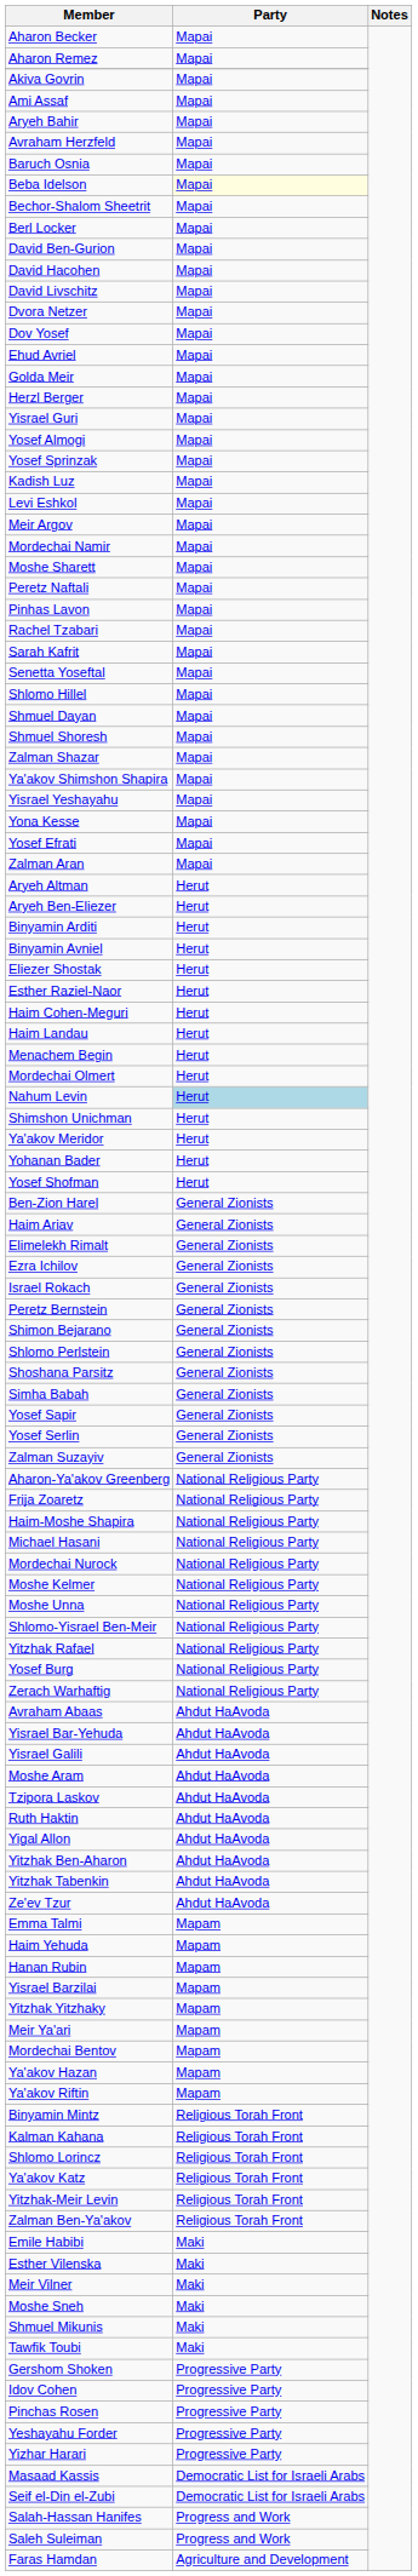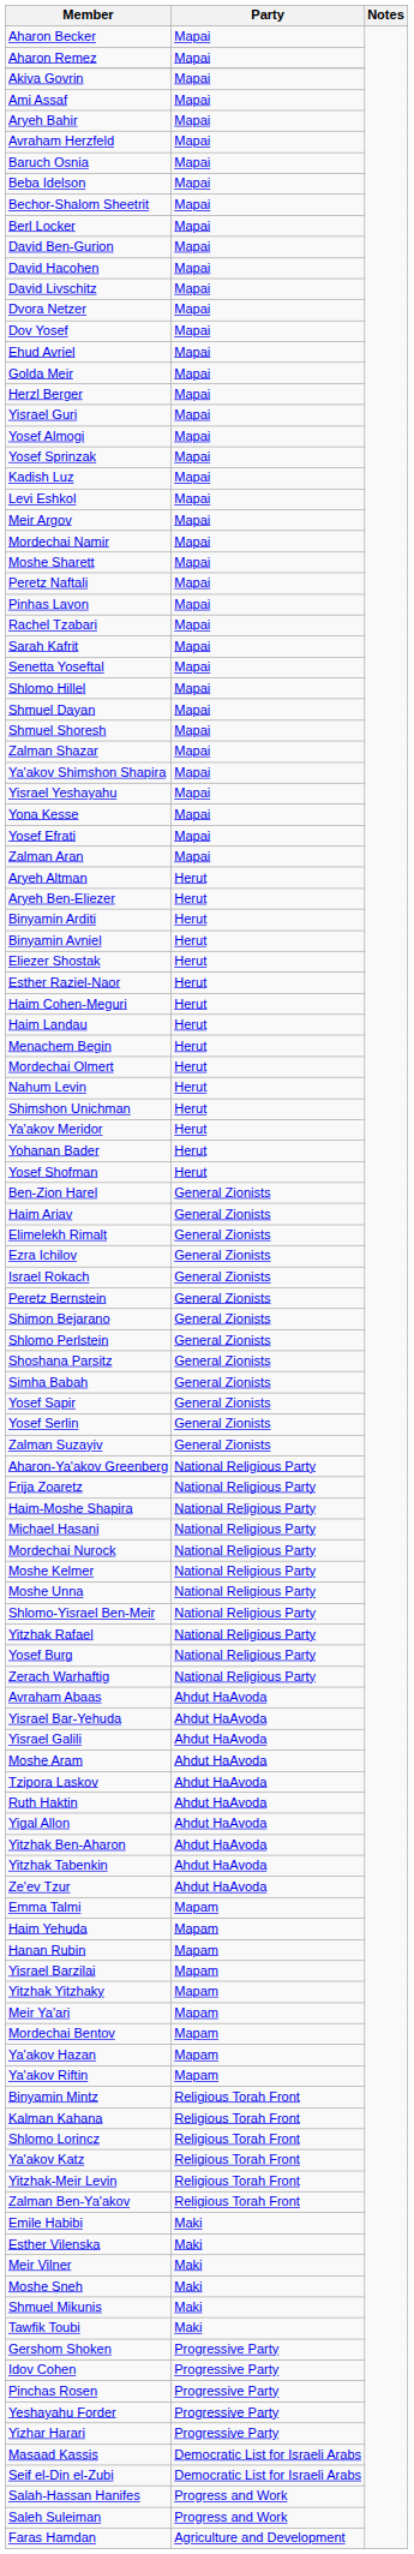 <table class="sort wikitable sortable" style="text-align:left">
 <tr>
 <th>Member</th>
 <th>Party</th>
 <th>Notes</th>
 </tr>
 <tr>
 <td><a href='#'>Aharon Becker</a></td>
 <td><a href='#'>Mapai</a></td>
 </tr>
 <tr>
 <td><a href='#'>Aharon Remez</a></td>
 <td><a href='#'>Mapai</a></td>
 </tr>
 <tr>
 </tr>
 <tr>
 <td><a href='#'>Akiva Govrin</a></td>
 <td><a href='#'>Mapai</a></td>
 </tr>
 <tr>
 <td><a href='#'>Ami Assaf</a></td>
 <td><a href='#'>Mapai</a></td>
 </tr>
 <tr>
 <td><a href='#'>Aryeh Bahir</a></td>
 <td><a href='#'>Mapai</a></td>
 </tr>
 <tr>
 <td><a href='#'>Avraham Herzfeld</a></td>
 <td><a href='#'>Mapai</a></td>
 </tr>
 <tr>
 <td><a href='#'>Baruch Osnia</a></td>
 <td><a href='#'>Mapai</a></td>
 </tr>
 <tr>
 <td><a href='#'>Beba Idelson</a></td>
-<td style="background: lightyellow;"><a href='#'>Mapai</a></td>
+<td><a href='#'>Mapai</a></td>
 </tr>
 <tr>
 <td><a href='#'>Bechor-Shalom Sheetrit</a></td>
 <td><a href='#'>Mapai</a></td>
 </tr>
 <tr>
 <td><a href='#'>Berl Locker</a></td>
 <td><a href='#'>Mapai</a></td>
 </tr>
 <tr>
 <td><a href='#'>David Ben-Gurion</a></td>
 <td><a href='#'>Mapai</a></td>
 </tr>
 <tr>
 <td><a href='#'>David Hacohen</a></td>
 <td><a href='#'>Mapai</a></td>
 </tr>
 <tr>
 <td><a href='#'>David Livschitz</a></td>
 <td><a href='#'>Mapai</a></td>
 </tr>
 <tr>
 <td><a href='#'>Dvora Netzer</a></td>
 <td><a href='#'>Mapai</a></td>
 </tr>
 <tr>
 <td><a href='#'>Dov Yosef</a></td>
 <td><a href='#'>Mapai</a></td>
 </tr>
 <tr>
 <td><a href='#'>Ehud Avriel</a></td>
 <td><a href='#'>Mapai</a></td>
 </tr>
 <tr>
 <td><a href='#'>Golda Meir</a></td>
 <td><a href='#'>Mapai</a></td>
 </tr>
 <tr>
 <td><a href='#'>Herzl Berger</a></td>
 <td><a href='#'>Mapai</a></td>
 </tr>
 <tr>
 <td><a href='#'>Yisrael Guri</a></td>
 <td><a href='#'>Mapai</a></td>
 </tr>
 <tr>
 <td><a href='#'>Yosef Almogi</a></td>
 <td><a href='#'>Mapai</a></td>
 </tr>
 <tr>
 <td><a href='#'>Yosef Sprinzak</a></td>
 <td><a href='#'>Mapai</a></td>
 </tr>
 <tr>
 <td><a href='#'>Kadish Luz</a></td>
 <td><a href='#'>Mapai</a></td>
 </tr>
 <tr>
 <td><a href='#'>Levi Eshkol</a></td>
 <td><a href='#'>Mapai</a></td>
 </tr>
 <tr>
 <td><a href='#'>Meir Argov</a></td>
 <td><a href='#'>Mapai</a></td>
 </tr>
 <tr>
 <td><a href='#'>Mordechai Namir</a></td>
 <td><a href='#'>Mapai</a></td>
 </tr>
 <tr>
 <td><a href='#'>Moshe Sharett</a></td>
 <td><a href='#'>Mapai</a></td>
 </tr>
 <tr>
 <td><a href='#'>Peretz Naftali</a></td>
 <td><a href='#'>Mapai</a></td>
 </tr>
 <tr>
 <td><a href='#'>Pinhas Lavon</a></td>
 <td><a href='#'>Mapai</a></td>
 </tr>
 <tr>
 <td><a href='#'>Rachel Tzabari</a></td>
 <td><a href='#'>Mapai</a></td>
 </tr>
 <tr>
 <td><a href='#'>Sarah Kafrit</a></td>
 <td><a href='#'>Mapai</a></td>
 </tr>
 <tr>
 <td><a href='#'>Senetta Yoseftal</a></td>
 <td><a href='#'>Mapai</a></td>
 </tr>
 <tr>
 <td><a href='#'>Shlomo Hillel</a></td>
 <td><a href='#'>Mapai</a></td>
 </tr>
 <tr>
 <td><a href='#'>Shmuel Dayan</a></td>
 <td><a href='#'>Mapai</a></td>
 </tr>
 <tr>
 <td><a href='#'>Shmuel Shoresh</a></td>
 <td><a href='#'>Mapai</a></td>
 </tr>
 <tr>
 <td><a href='#'>Zalman Shazar</a></td>
 <td><a href='#'>Mapai</a></td>
 </tr>
 <tr>
 <td><a href='#'>Ya'akov Shimshon Shapira</a></td>
 <td><a href='#'>Mapai</a></td>
 </tr>
 <tr>
 <td><a href='#'>Yisrael Yeshayahu</a></td>
 <td><a href='#'>Mapai</a></td>
 </tr>
 <tr>
 <td><a href='#'>Yona Kesse</a></td>
 <td><a href='#'>Mapai</a></td>
 </tr>
 <tr>
 <td><a href='#'>Yosef Efrati</a></td>
 <td><a href='#'>Mapai</a></td>
 </tr>
 <tr>
 <td><a href='#'>Zalman Aran</a></td>
 <td><a href='#'>Mapai</a></td>
 </tr>
 <tr>
 <td><a href='#'>Aryeh Altman</a></td>
 <td><a href='#'>Herut</a></td>
 </tr>
 <tr>
 <td><a href='#'>Aryeh Ben-Eliezer</a></td>
 <td><a href='#'>Herut</a></td>
 </tr>
 <tr>
 <td><a href='#'>Binyamin Arditi</a></td>
 <td><a href='#'>Herut</a></td>
 </tr>
 <tr>
 <td><a href='#'>Binyamin Avniel</a></td>
 <td><a href='#'>Herut</a></td>
 </tr>
 <tr>
 <td><a href='#'>Eliezer Shostak</a></td>
 <td><a href='#'>Herut</a></td>
 </tr>
 <tr>
 <td><a href='#'>Esther Raziel-Naor</a></td>
 <td><a href='#'>Herut</a></td>
 </tr>
 <tr>
 <td><a href='#'>Haim Cohen-Meguri</a></td>
 <td><a href='#'>Herut</a></td>
 </tr>
 <tr>
 <td><a href='#'>Haim Landau</a></td>
 <td><a href='#'>Herut</a></td>
 </tr>
 <tr>
 <td><a href='#'>Menachem Begin</a></td>
 <td><a href='#'>Herut</a></td>
 </tr>
 <tr>
 <td><a href='#'>Mordechai Olmert</a></td>
 <td><a href='#'>Herut</a></td>
 </tr>
 <tr>
 <td><a href='#'>Nahum Levin</a></td>
-<td style="background: lightblue;"><a href='#'>Herut</a></td>
+<td><a href='#'>Herut</a></td>
 </tr>
 <tr>
 <td><a href='#'>Shimshon Unichman</a></td>
 <td><a href='#'>Herut</a></td>
 </tr>
 <tr>
 <td><a href='#'>Ya'akov Meridor</a></td>
 <td><a href='#'>Herut</a></td>
 </tr>
 <tr>
 <td><a href='#'>Yohanan Bader</a></td>
 <td><a href='#'>Herut</a></td>
 </tr>
 <tr>
 <td><a href='#'>Yosef Shofman</a></td>
 <td><a href='#'>Herut</a></td>
 </tr>
 <tr>
 <td><a href='#'>Ben-Zion Harel</a></td>
 <td><a href='#'>General Zionists</a></td>
 </tr>
 <tr>
 <td><a href='#'>Haim Ariav</a></td>
 <td><a href='#'>General Zionists</a></td>
 </tr>
 <tr>
 <td><a href='#'>Elimelekh Rimalt</a></td>
 <td><a href='#'>General Zionists</a></td>
 </tr>
 <tr>
 <td><a href='#'>Ezra Ichilov</a></td>
 <td><a href='#'>General Zionists</a></td>
 </tr>
 <tr>
 <td><a href='#'>Israel Rokach</a></td>
 <td><a href='#'>General Zionists</a></td>
 </tr>
 <tr>
 <td><a href='#'>Peretz Bernstein</a></td>
 <td><a href='#'>General Zionists</a></td>
 </tr>
 <tr>
 <td><a href='#'>Shimon Bejarano</a></td>
 <td><a href='#'>General Zionists</a></td>
 </tr>
 <tr>
 <td><a href='#'>Shlomo Perlstein</a></td>
 <td><a href='#'>General Zionists</a></td>
 </tr>
 <tr>
 <td><a href='#'>Shoshana Parsitz</a></td>
 <td><a href='#'>General Zionists</a></td>
 </tr>
 <tr>
 <td><a href='#'>Simha Babah</a></td>
 <td><a href='#'>General Zionists</a></td>
 </tr>
 <tr>
 <td><a href='#'>Yosef Sapir</a></td>
 <td><a href='#'>General Zionists</a></td>
 </tr>
 <tr>
 <td><a href='#'>Yosef Serlin</a></td>
 <td><a href='#'>General Zionists</a></td>
 </tr>
 <tr>
 <td><a href='#'>Zalman Suzayiv</a></td>
 <td><a href='#'>General Zionists</a></td>
 </tr>
 <tr>
 <td><a href='#'>Aharon-Ya'akov Greenberg</a></td>
 <td><a href='#'>National Religious Party</a></td>
 </tr>
 <tr>
 <td><a href='#'>Frija Zoaretz</a></td>
 <td><a href='#'>National Religious Party</a></td>
 </tr>
 <tr>
 <td><a href='#'>Haim-Moshe Shapira</a></td>
 <td><a href='#'>National Religious Party</a></td>
 </tr>
 <tr>
 <td><a href='#'>Michael Hasani</a></td>
 <td><a href='#'>National Religious Party</a></td>
 </tr>
 <tr>
 <td><a href='#'>Mordechai Nurock</a></td>
 <td><a href='#'>National Religious Party</a></td>
 </tr>
 <tr>
 <td><a href='#'>Moshe Kelmer</a></td>
 <td><a href='#'>National Religious Party</a></td>
 </tr>
 <tr>
 <td><a href='#'>Moshe Unna</a></td>
 <td><a href='#'>National Religious Party</a></td>
 </tr>
 <tr>
 <td><a href='#'>Shlomo-Yisrael Ben-Meir</a></td>
 <td><a href='#'>National Religious Party</a></td>
 </tr>
 <tr>
 <td><a href='#'>Yitzhak Rafael</a></td>
 <td><a href='#'>National Religious Party</a></td>
 </tr>
 <tr>
 <td><a href='#'>Yosef Burg</a></td>
 <td><a href='#'>National Religious Party</a></td>
 </tr>
 <tr>
 <td><a href='#'>Zerach Warhaftig</a></td>
 <td><a href='#'>National Religious Party</a></td>
 </tr>
 <tr>
 <td><a href='#'>Avraham Abaas</a></td>
 <td><a href='#'>Ahdut HaAvoda</a></td>
 </tr>
 <tr>
 <td><a href='#'>Yisrael Bar-Yehuda</a></td>
 <td><a href='#'>Ahdut HaAvoda</a></td>
 </tr>
 <tr>
 <td><a href='#'>Yisrael Galili</a></td>
 <td><a href='#'>Ahdut HaAvoda</a></td>
 </tr>
 <tr>
 <td><a href='#'>Moshe Aram</a></td>
 <td><a href='#'>Ahdut HaAvoda</a></td>
 </tr>
 <tr>
 <td><a href='#'>Tzipora Laskov</a></td>
 <td><a href='#'>Ahdut HaAvoda</a></td>
 </tr>
 <tr>
 <td><a href='#'>Ruth Haktin</a></td>
 <td><a href='#'>Ahdut HaAvoda</a></td>
 </tr>
 <tr>
 <td><a href='#'>Yigal Allon</a></td>
 <td><a href='#'>Ahdut HaAvoda</a></td>
 </tr>
 <tr>
 <td><a href='#'>Yitzhak Ben-Aharon</a></td>
 <td><a href='#'>Ahdut HaAvoda</a></td>
 </tr>
 <tr>
 <td><a href='#'>Yitzhak Tabenkin</a></td>
 <td><a href='#'>Ahdut HaAvoda</a></td>
 </tr>
 <tr>
 <td><a href='#'>Ze'ev Tzur</a></td>
 <td><a href='#'>Ahdut HaAvoda</a></td>
 </tr>
 <tr>
 <td><a href='#'>Emma Talmi</a></td>
 <td><a href='#'>Mapam</a></td>
 </tr>
 <tr>
 <td><a href='#'>Haim Yehuda</a></td>
 <td><a href='#'>Mapam</a></td>
 </tr>
 <tr>
 <td><a href='#'>Hanan Rubin</a></td>
 <td><a href='#'>Mapam</a></td>
 </tr>
 <tr>
 <td><a href='#'>Yisrael Barzilai</a></td>
 <td><a href='#'>Mapam</a></td>
 </tr>
 <tr>
 <td><a href='#'>Yitzhak Yitzhaky</a></td>
 <td><a href='#'>Mapam</a></td>
 </tr>
 <tr>
 <td><a href='#'>Meir Ya'ari</a></td>
 <td><a href='#'>Mapam</a></td>
 </tr>
 <tr>
 <td><a href='#'>Mordechai Bentov</a></td>
 <td><a href='#'>Mapam</a></td>
 </tr>
 <tr>
 <td><a href='#'>Ya'akov Hazan</a></td>
 <td><a href='#'>Mapam</a></td>
 </tr>
 <tr>
 <td><a href='#'>Ya'akov Riftin</a></td>
 <td><a href='#'>Mapam</a></td>
 </tr>
 <tr>
 <td><a href='#'>Binyamin Mintz</a></td>
 <td><a href='#'>Religious Torah Front</a></td>
 </tr>
 <tr>
 <td><a href='#'>Kalman Kahana</a></td>
 <td><a href='#'>Religious Torah Front</a></td>
 </tr>
 <tr>
 <td><a href='#'>Shlomo Lorincz</a></td>
 <td><a href='#'>Religious Torah Front</a></td>
 </tr>
 <tr>
 <td><a href='#'>Ya'akov Katz</a></td>
 <td><a href='#'>Religious Torah Front</a></td>
 </tr>
 <tr>
 <td><a href='#'>Yitzhak-Meir Levin</a></td>
 <td><a href='#'>Religious Torah Front</a></td>
 </tr>
 <tr>
 <td><a href='#'>Zalman Ben-Ya'akov</a></td>
 <td><a href='#'>Religious Torah Front</a></td>
 </tr>
 <tr>
 <td><a href='#'>Emile Habibi</a></td>
 <td><a href='#'>Maki</a></td>
 </tr>
 <tr>
 <td><a href='#'>Esther Vilenska</a></td>
 <td><a href='#'>Maki</a></td>
 </tr>
 <tr>
 <td><a href='#'>Meir Vilner</a></td>
 <td><a href='#'>Maki</a></td>
 </tr>
 <tr>
 <td><a href='#'>Moshe Sneh</a></td>
 <td><a href='#'>Maki</a></td>
 </tr>
 <tr>
 <td><a href='#'>Shmuel Mikunis</a></td>
 <td><a href='#'>Maki</a></td>
 </tr>
 <tr>
 <td><a href='#'>Tawfik Toubi</a></td>
 <td><a href='#'>Maki</a></td>
 </tr>
 <tr>
 <td><a href='#'>Gershom Shoken</a></td>
 <td><a href='#'>Progressive Party</a></td>
 </tr>
 <tr>
 <td><a href='#'>Idov Cohen</a></td>
 <td><a href='#'>Progressive Party</a></td>
 </tr>
 <tr>
 <td><a href='#'>Pinchas Rosen</a></td>
 <td><a href='#'>Progressive Party</a></td>
 </tr>
 <tr>
 <td><a href='#'>Yeshayahu Forder</a></td>
 <td><a href='#'>Progressive Party</a></td>
 </tr>
 <tr>
 <td><a href='#'>Yizhar Harari</a></td>
 <td><a href='#'>Progressive Party</a></td>
 </tr>
 <tr>
 <td><a href='#'>Masaad Kassis</a></td>
 <td><a href='#'>Democratic List for Israeli Arabs</a></td>
 </tr>
 <tr>
 <td><a href='#'>Seif el-Din el-Zubi</a></td>
 <td><a href='#'>Democratic List for Israeli Arabs</a></td>
 </tr>
 <tr>
 <td><a href='#'>Salah-Hassan Hanifes</a></td>
 <td><a href='#'>Progress and Work</a></td>
 </tr>
 <tr>
 <td><a href='#'>Saleh Suleiman</a></td>
 <td><a href='#'>Progress and Work</a></td>
 </tr>
 <tr>
 <td><a href='#'>Faras Hamdan</a></td>
 <td><a href='#'>Agriculture and Development</a></td>
 </tr>
 </table>
